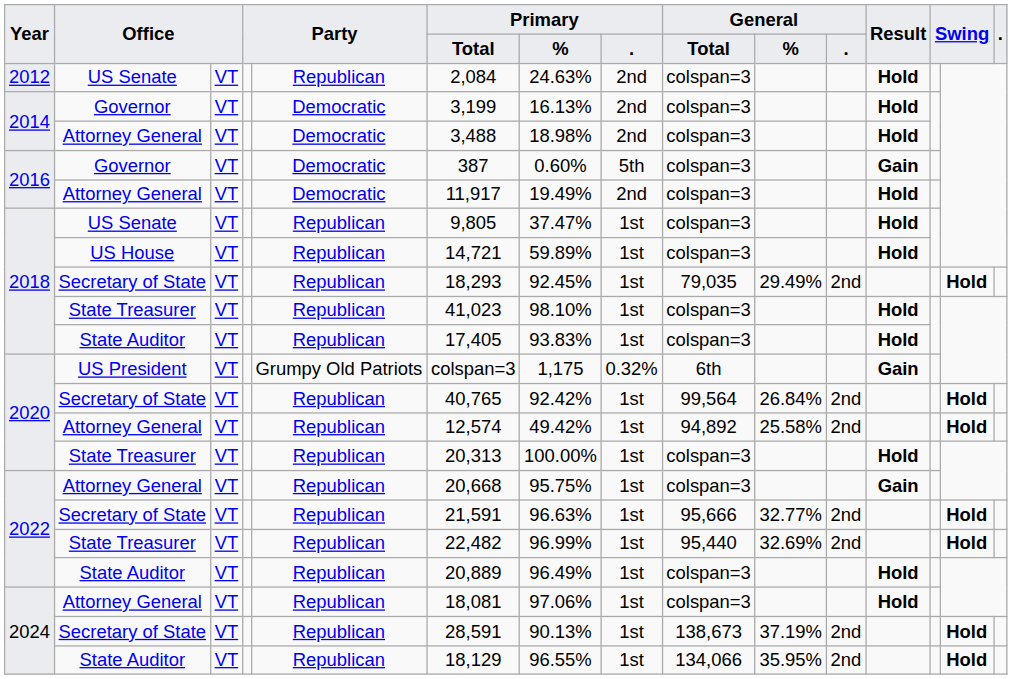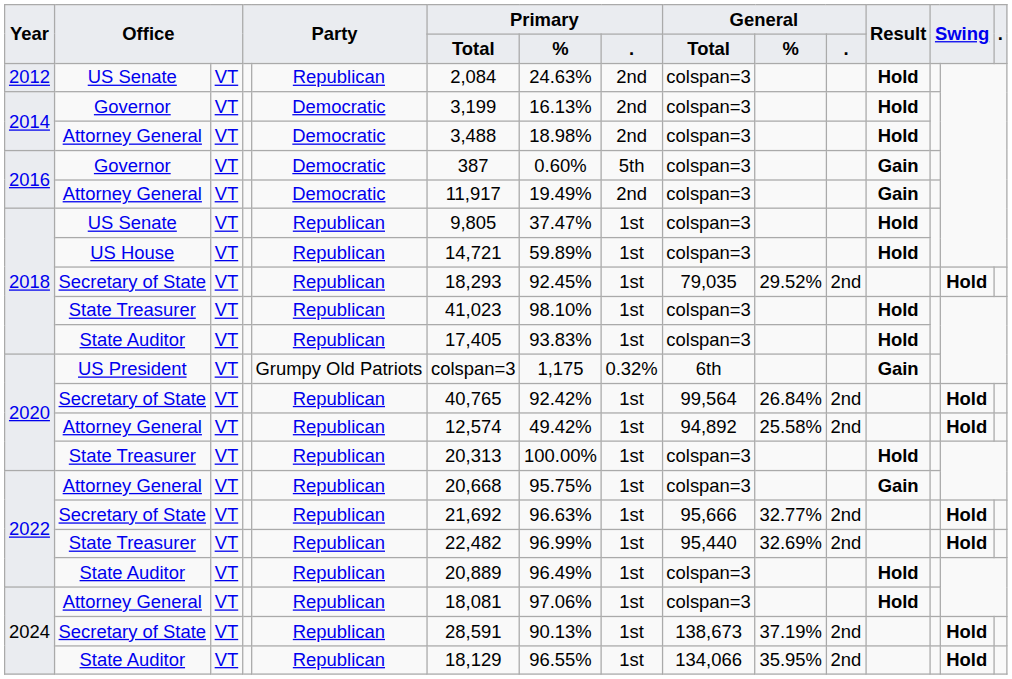 <table class="wikitable" style="font-size:90%; text-align:center;">
 <tr>
 <th style="background-color:#EAECF0;" rowspan=2>Year</th>
 <th colspan="2" rowspan="2" style="background-color:#EAECF0;">Office</th>
 <th style="background-color:#EAECF0;" colspan=2 rowspan=2>Party</th>
 <th style="background-color:#EAECF0;" colspan=3>Primary</th>
 <th style="background-color:#EAECF0;" colspan=3>General</th>
 <th style="background-color:#EAECF0;" rowspan=2>Result</th>
 <th style="background-color:#EAECF0;" colspan=2 rowspan=2><a href='#'>Swing</a></th>
 <th style="background-color:#EAECF0;" rowspan=2>.</th>
 </tr>
 <tr>
 <th style="background-color:#EAECF0;">Total</th>
 <th style="background-color:#EAECF0;">%</th>
 <th style="background-color:#EAECF0;">.</th>
 <th style="background-color:#EAECF0;">Total</th>
 <th style="background-color:#EAECF0;">%</th>
 <th style="background-color:#EAECF0;">.</th>
 </tr>
 <tr>
 <td style="background-color:#EAECF0;"><a href='#'>2012</a></td>
 <td><a href='#'>US Senate</a></td>
 <td><a href='#'>VT</a></td>
 <td style="background-color:"></td>
 <td><a href='#'>Republican</a></td>
 <td>2,084</td>
 <td>24.63%</td>
 <td>2nd</td>
 <td>colspan=3 </td>
 <td></td>
 <td style="background-color:"></td>
 <td><strong>Hold</strong></td>
 <td></td>
 </tr>
 <tr>
 <td rowspan=2 style="background-color:#EAECF0;"><a href='#'>2014</a></td>
 <td><a href='#'>Governor</a></td>
 <td><a href='#'>VT</a></td>
 <td style="background-color:"></td>
 <td><a href='#'>Democratic</a></td>
 <td>3,199</td>
 <td>16.13%</td>
 <td>2nd</td>
 <td>colspan=3 </td>
 <td></td>
 <td style="background-color:"></td>
 <td><strong>Hold</strong></td>
 <td rowspan=2></td>
 </tr>
 <tr>
 <td><a href='#'>Attorney General</a></td>
 <td><a href='#'>VT</a></td>
 <td style="background-color:"></td>
 <td><a href='#'>Democratic</a></td>
 <td>3,488</td>
 <td>18.98%</td>
 <td>2nd</td>
 <td>colspan=3 </td>
 <td></td>
 <td style="background-color:"></td>
 <td><strong>Hold</strong></td>
 </tr>
 <tr>
 <td rowspan=2 style="background-color:#EAECF0;"><a href='#'>2016</a></td>
 <td><a href='#'>Governor</a></td>
 <td><a href='#'>VT</a></td>
 <td style="background-color:"></td>
 <td><a href='#'>Democratic</a></td>
 <td>387</td>
 <td>0.60%</td>
 <td>5th</td>
 <td>colspan=3 </td>
 <td></td>
 <td style="background-color:"></td>
 <td><strong>Gain</strong></td>
 <td></td>
 </tr>
 <tr>
 <td><a href='#'>Attorney General</a></td>
 <td><a href='#'>VT</a></td>
 <td style="background-color:"></td>
 <td><a href='#'>Democratic</a></td>
 <td>11,917</td>
 <td>19.49%</td>
 <td>2nd</td>
 <td>colspan=3 </td>
 <td></td>
 <td style="background-color:"></td>
-<td><strong>Hold</strong></td>
+<td><strong>Gain</strong></td>
 <td></td>
 </tr>
 <tr>
 <td rowspan=5 style="background-color:#EAECF0;"><a href='#'>2018</a></td>
 <td><a href='#'>US Senate</a></td>
 <td><a href='#'>VT</a></td>
 <td style="background-color:"></td>
 <td><a href='#'>Republican</a></td>
 <td>9,805</td>
 <td>37.47%</td>
 <td>1st</td>
 <td>colspan=3 </td>
 <td></td>
 <td style="background-color:"></td>
 <td><strong>Hold</strong></td>
 <td rowspan=2></td>
 </tr>
 <tr>
 <td><a href='#'>US House</a></td>
 <td><a href='#'>VT</a></td>
 <td style="background-color:"></td>
 <td><a href='#'>Republican</a></td>
 <td>14,721</td>
 <td>59.89%</td>
 <td>1st</td>
 <td>colspan=3 </td>
 <td></td>
 <td style="background-color:"></td>
 <td><strong>Hold</strong></td>
 </tr>
 <tr>
 <td><a href='#'>Secretary of State</a></td>
 <td><a href='#'>VT</a></td>
 <td style="background-color:"></td>
 <td><a href='#'>Republican</a></td>
 <td>18,293</td>
 <td>92.45%</td>
 <td>1st</td>
 <td>79,035</td>
-<td>29.49%</td>
+<td>29.52%</td>
 <td>2nd</td>
 <td></td>
 <td style="background-color:"></td>
 <td><strong>Hold</strong></td>
 <td></td>
 </tr>
 <tr>
 <td><a href='#'>State Treasurer</a></td>
 <td><a href='#'>VT</a></td>
 <td style="background-color:"></td>
 <td><a href='#'>Republican</a></td>
 <td>41,023</td>
 <td>98.10%</td>
 <td>1st</td>
 <td>colspan=3 </td>
 <td></td>
 <td style="background-color:"></td>
 <td><strong>Hold</strong></td>
 <td rowspan=2></td>
 </tr>
 <tr>
 <td><a href='#'>State Auditor</a></td>
 <td><a href='#'>VT</a></td>
 <td style="background-color:"></td>
 <td><a href='#'>Republican</a></td>
 <td>17,405</td>
 <td>93.83%</td>
 <td>1st</td>
 <td>colspan=3 </td>
 <td></td>
 <td style="background-color:"></td>
 <td><strong>Hold</strong></td>
 </tr>
 <tr>
 <td rowspan=4 style="background-color:#EAECF0;"><a href='#'>2020</a></td>
 <td><a href='#'>US President</a></td>
 <td><a href='#'>VT</a></td>
 <td style="background-color:"></td>
 <td>Grumpy Old Patriots</td>
 <td>colspan=3 </td>
 <td>1,175</td>
 <td>0.32%</td>
 <td>6th</td>
 <td></td>
 <td style="background-color:"></td>
 <td><strong>Gain</strong></td>
 <td></td>
 </tr>
 <tr>
 <td><a href='#'>Secretary of State</a></td>
 <td><a href='#'>VT</a></td>
 <td style="background-color:"></td>
 <td><a href='#'>Republican</a></td>
 <td>40,765</td>
 <td>92.42%</td>
 <td>1st</td>
 <td>99,564</td>
 <td>26.84%</td>
 <td>2nd</td>
 <td></td>
 <td style="background-color:"></td>
 <td><strong>Hold</strong></td>
 <td></td>
 </tr>
 <tr>
 <td><a href='#'>Attorney General</a></td>
 <td><a href='#'>VT</a></td>
 <td style="background-color:"></td>
 <td><a href='#'>Republican</a></td>
 <td>12,574</td>
 <td>49.42%</td>
 <td>1st</td>
 <td>94,892</td>
 <td>25.58%</td>
 <td>2nd</td>
 <td></td>
 <td style="background-color:"></td>
 <td><strong>Hold</strong></td>
 <td></td>
 </tr>
 <tr>
 <td><a href='#'>State Treasurer</a></td>
 <td><a href='#'>VT</a></td>
 <td style="background-color:"></td>
 <td><a href='#'>Republican</a></td>
 <td>20,313</td>
 <td>100.00%</td>
 <td>1st</td>
 <td>colspan=3 </td>
 <td></td>
 <td style="background-color:"></td>
 <td><strong>Hold</strong></td>
 <td></td>
 </tr>
 <tr>
 <td rowspan=4 style="background-color:#EAECF0;"><a href='#'>2022</a></td>
 <td><a href='#'>Attorney General</a></td>
 <td><a href='#'>VT</a></td>
 <td style="background-color:"></td>
 <td><a href='#'>Republican</a></td>
 <td>20,668</td>
 <td>95.75%</td>
 <td>1st</td>
 <td>colspan=3 </td>
 <td></td>
 <td style="background-color:"></td>
 <td><strong>Gain</strong></td>
 <td></td>
 </tr>
 <tr>
 <td><a href='#'>Secretary of State</a></td>
 <td><a href='#'>VT</a></td>
 <td style="background-color:"></td>
 <td><a href='#'>Republican</a></td>
-<td>21,591</td>
+<td>21,692</td>
 <td>96.63%</td>
 <td>1st</td>
 <td>95,666</td>
 <td>32.77%</td>
 <td>2nd</td>
 <td></td>
 <td style="background-color:"></td>
 <td><strong>Hold</strong></td>
 <td></td>
 </tr>
 <tr>
 <td><a href='#'>State Treasurer</a></td>
 <td><a href='#'>VT</a></td>
 <td style="background-color:"></td>
 <td><a href='#'>Republican</a></td>
 <td>22,482</td>
 <td>96.99%</td>
 <td>1st</td>
 <td>95,440</td>
 <td>32.69%</td>
 <td>2nd</td>
 <td></td>
 <td style="background-color:"></td>
 <td><strong>Hold</strong></td>
 <td></td>
 </tr>
 <tr>
 <td><a href='#'>State Auditor</a></td>
 <td><a href='#'>VT</a></td>
 <td style="background-color:"></td>
 <td><a href='#'>Republican</a></td>
 <td>20,889</td>
 <td>96.49%</td>
 <td>1st</td>
 <td>colspan=3 </td>
 <td></td>
 <td style="background-color:"></td>
 <td><strong>Hold</strong></td>
 <td></td>
 </tr>
 <tr>
 <td rowspan=4 style="background-color:#EAECF0;">2024</td>
 <td><a href='#'>Attorney General</a></td>
 <td><a href='#'>VT</a></td>
 <td style="background-color:"></td>
 <td><a href='#'>Republican</a></td>
 <td>18,081</td>
 <td>97.06%</td>
 <td>1st</td>
 <td>colspan=3 </td>
 <td></td>
 <td style="background-color:"></td>
 <td><strong>Hold</strong></td>
 <td></td>
 </tr>
 <tr>
 <td><a href='#'>Secretary of State</a></td>
 <td><a href='#'>VT</a></td>
 <td style="background-color:"></td>
 <td><a href='#'>Republican</a></td>
 <td>28,591</td>
 <td>90.13%</td>
 <td>1st</td>
 <td>138,673</td>
 <td>37.19%</td>
 <td>2nd</td>
 <td></td>
 <td style="background-color:"></td>
 <td><strong>Hold</strong></td>
 <td></td>
 </tr>
 <tr>
 <td><a href='#'>State Auditor</a></td>
 <td><a href='#'>VT</a></td>
 <td style="background-color:"></td>
 <td><a href='#'>Republican</a></td>
 <td>18,129</td>
 <td>96.55%</td>
 <td>1st</td>
 <td>134,066</td>
 <td>35.95%</td>
 <td>2nd</td>
 <td></td>
 <td style="background-color:"></td>
 <td><strong>Hold</strong></td>
 <td></td>
 </tr>
 </table>
